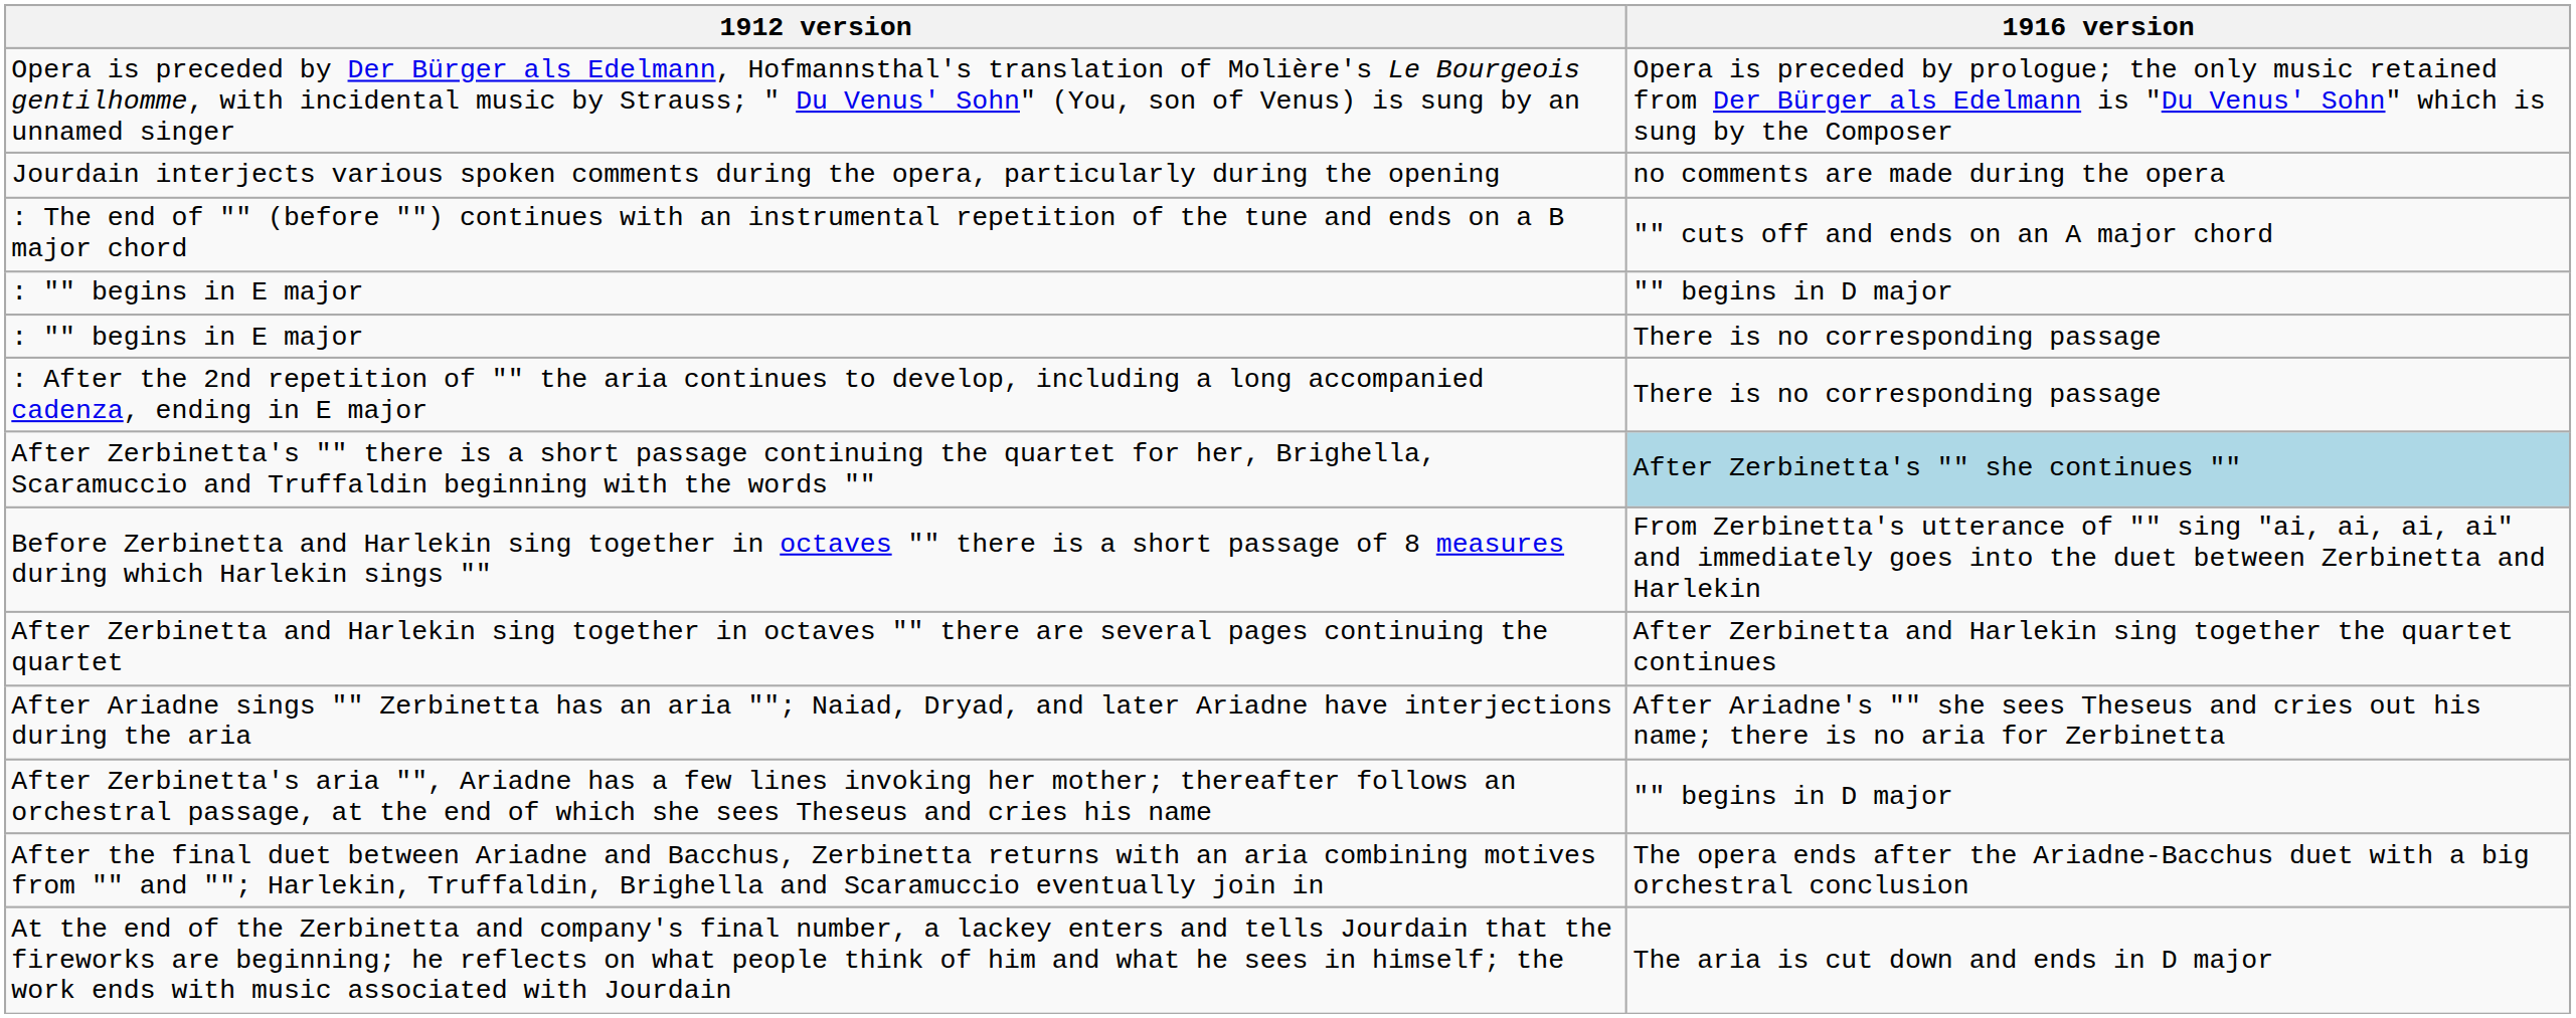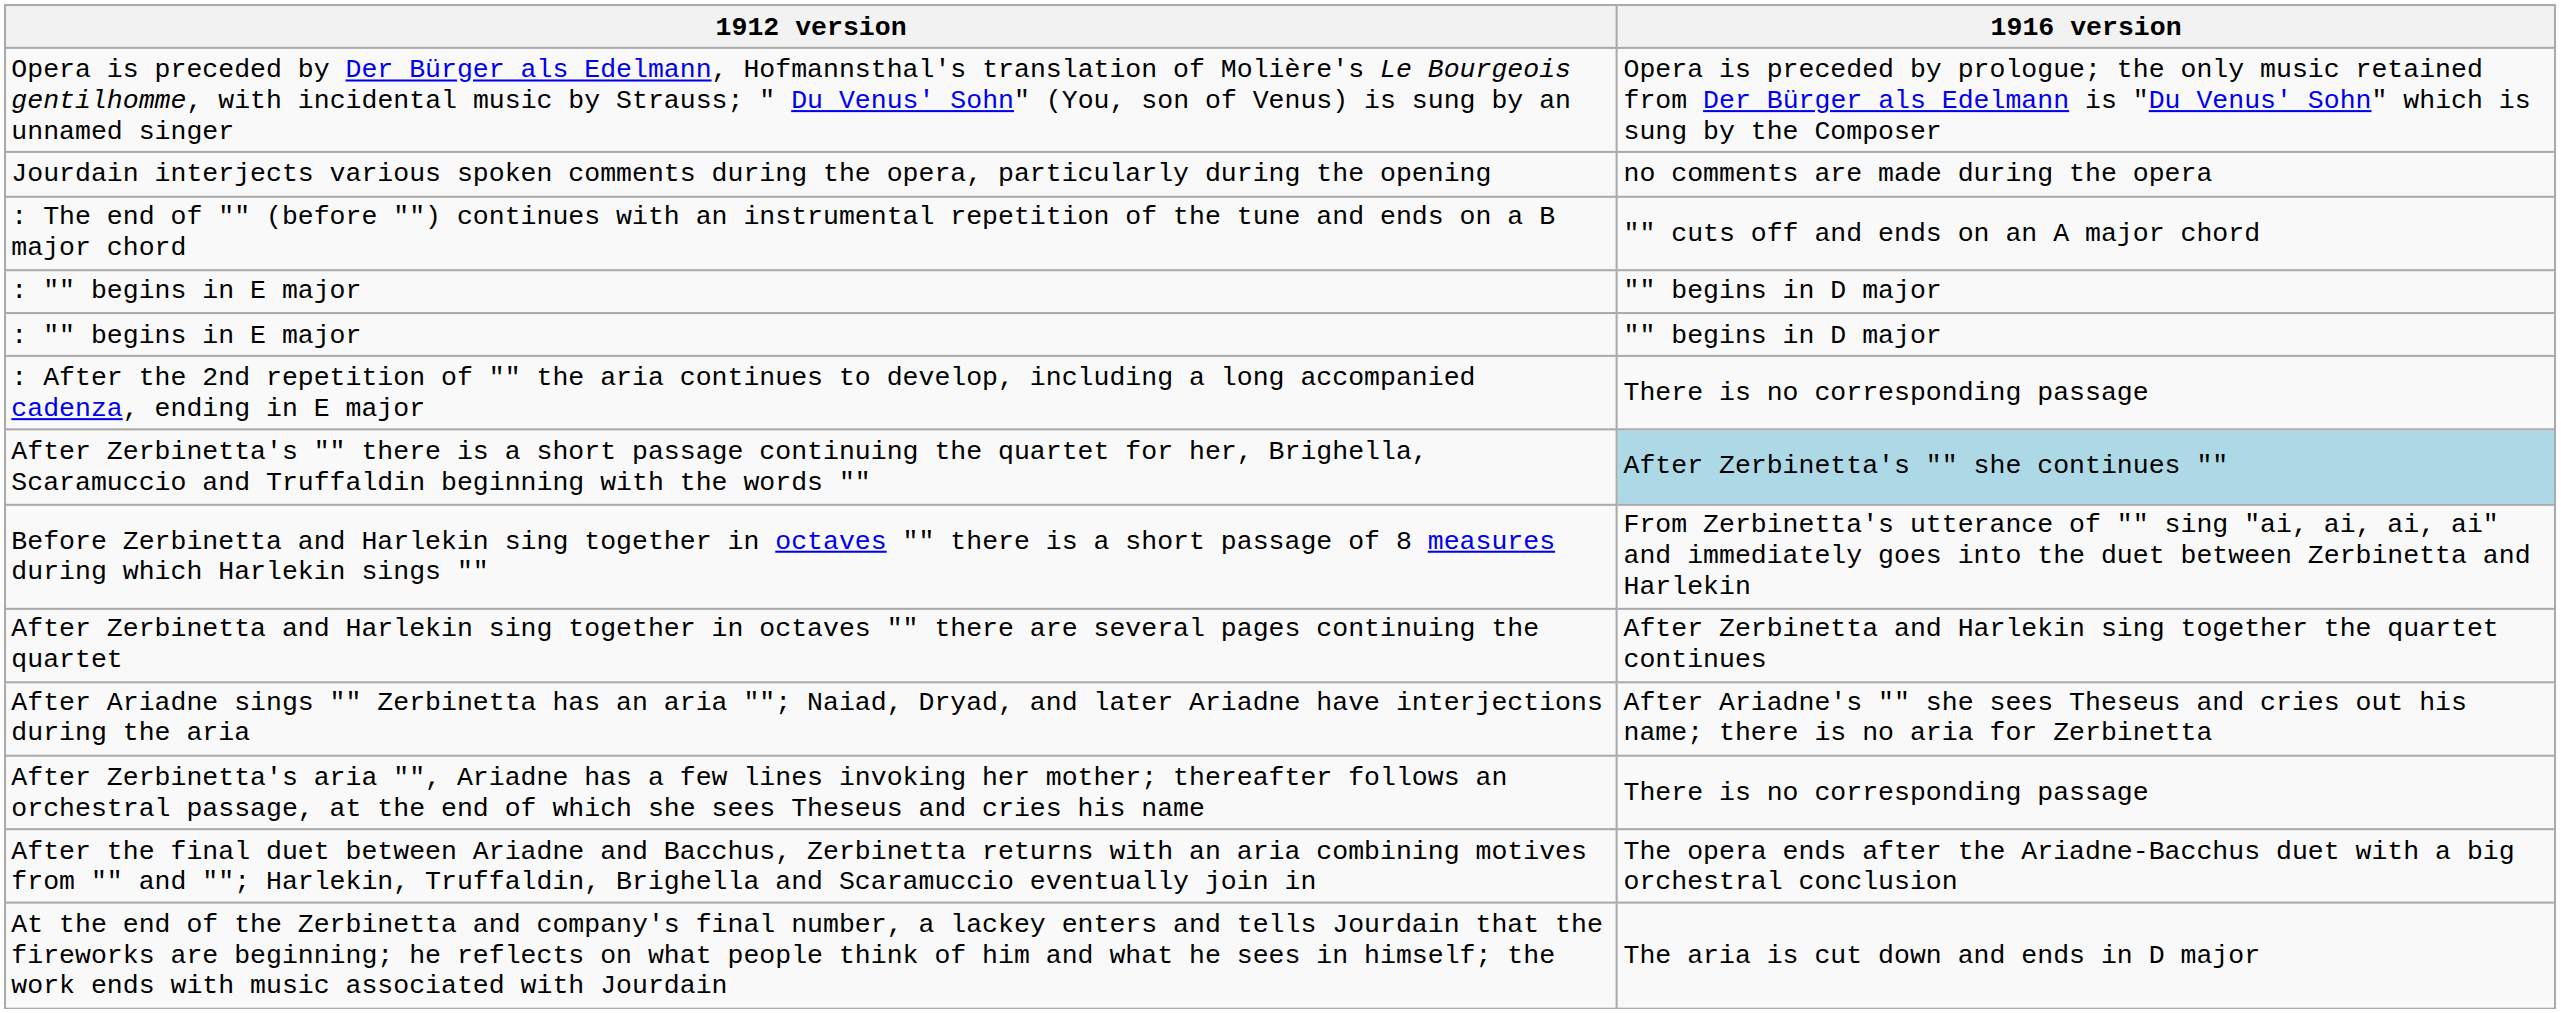 <table class="wikitable">
 <tr>
 <th>1912 version</th>
 <th>1916 version</th>
 </tr>
 <tr>
 <td>Opera is preceded by <a href='#'>Der Bürger als Edelmann</a>, Hofmannsthal's translation of Molière's <em>Le Bourgeois gentilhomme</em>, with incidental music by Strauss; " <a href='#'>Du Venus' Sohn</a>" (You, son of Venus) is sung by an unnamed singer</td>
 <td>Opera is preceded by prologue; the only music retained from  <a href='#'>Der Bürger als Edelmann</a> is "<a href='#'>Du Venus' Sohn</a>" which is sung by the Composer</td>
 </tr>
 <tr>
 <td>Jourdain interjects various spoken comments during the opera, particularly during the opening</td>
 <td>no comments are made during the opera</td>
 </tr>
 <tr>
 <td>: The end of "" (before "") continues with an instrumental repetition of the tune and ends on a B major chord</td>
 <td>"" cuts off and ends on an A major chord</td>
 </tr>
 <tr>
 <td>: "" begins in E major</td>
 <td>"" begins in D major</td>
 </tr>
 <tr>
 <td>: "" begins in E major</td>
-<td>There is no corresponding passage</td>
+<td>"" begins in D major</td>
 </tr>
 <tr>
 <td>: After the 2nd repetition of "" the aria continues to develop, including a long accompanied <a href='#'>cadenza</a>, ending in E major</td>
 <td>There is no corresponding passage</td>
 </tr>
 <tr>
 <td>After Zerbinetta's "" there is a short passage continuing the quartet for her, Brighella, Scaramuccio and Truffaldin beginning with the words ""</td>
 <td style="background: lightblue;">After Zerbinetta's "" she continues ""</td>
 </tr>
 <tr>
 <td>Before Zerbinetta and Harlekin sing together in <a href='#'>octaves</a> "" there is a short passage of 8 <a href='#'>measures</a> during which Harlekin sings ""</td>
 <td>From Zerbinetta's utterance of "" sing "ai, ai, ai, ai" and immediately goes into the duet between Zerbinetta and Harlekin</td>
 </tr>
 <tr>
 <td>After Zerbinetta and Harlekin sing together in octaves "" there are several pages continuing the quartet</td>
 <td>After Zerbinetta and Harlekin sing together the quartet continues</td>
 </tr>
 <tr>
 <td>After Ariadne sings "" Zerbinetta has an aria ""; Naiad, Dryad, and later Ariadne have interjections during the aria</td>
 <td>After Ariadne's "" she sees Theseus and cries out his name; there is no aria for Zerbinetta</td>
 </tr>
 <tr>
 <td>After Zerbinetta's aria "", Ariadne has a few lines invoking her mother; thereafter follows an orchestral passage, at the end of which she sees Theseus and cries his name</td>
-<td>"" begins in D major</td>
+<td>There is no corresponding passage</td>
 </tr>
 <tr>
 <td>After the final duet between Ariadne and Bacchus, Zerbinetta returns with an aria combining motives from "" and ""; Harlekin, Truffaldin, Brighella and Scaramuccio eventually join in</td>
 <td>The opera ends after the Ariadne-Bacchus duet with a big orchestral conclusion</td>
 </tr>
 <tr>
 <td>At the end of the Zerbinetta and company's final number, a lackey enters and tells Jourdain that the fireworks are beginning; he reflects on what people think of him and what he sees in himself; the work ends with music associated with Jourdain</td>
 <td>The aria is cut down and ends in D major</td>
 </tr>
 </table>
